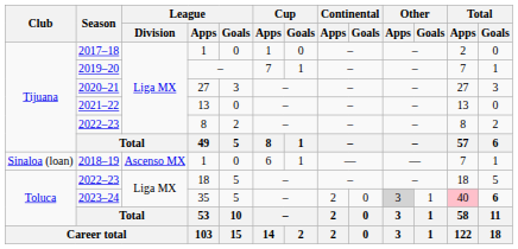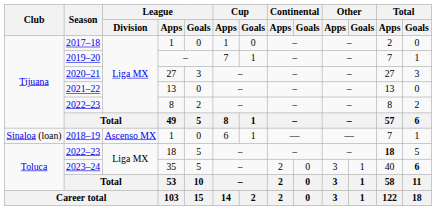 <table class="wikitable" style="text-align: center">
 <tr>
 <th rowspan="2">Club</th>
 <th rowspan="2">Season</th>
 <th colspan="3">League</th>
 <th colspan="2">Cup</th>
 <th colspan="2">Continental</th>
 <th colspan="2">Other</th>
 <th colspan="2">Total</th>
 </tr>
 <tr>
 <th>Division</th>
 <th>Apps</th>
 <th>Goals</th>
 <th>Apps</th>
 <th>Goals</th>
 <th>Apps</th>
 <th>Goals</th>
 <th>Apps</th>
 <th>Goals</th>
 <th>Apps</th>
 <th>Goals</th>
 </tr>
 <tr>
 <td rowspan="6"><a href='#'>Tijuana</a></td>
 <td><a href='#'>2017–18</a></td>
 <td rowspan="5"><a href='#'>Liga MX</a></td>
 <td>1</td>
 <td>0</td>
 <td>1</td>
 <td>0</td>
 <td colspan="2">–</td>
 <td colspan=2>–</td>
 <td>2</td>
 <td>0</td>
 </tr>
 <tr>
 <td><a href='#'>2019–20</a></td>
 <td colspan=2>–</td>
 <td>7</td>
 <td>1</td>
 <td colspan=2>–</td>
 <td colspan=2>–</td>
 <td>7</td>
 <td>1</td>
 </tr>
 <tr>
 <td><a href='#'>2020–21</a></td>
 <td>27</td>
 <td>3</td>
 <td colspan=2>–</td>
 <td colspan=2>–</td>
 <td colspan=2>–</td>
 <td>27</td>
 <td>3</td>
 </tr>
 <tr>
 <td><a href='#'>2021–22</a></td>
 <td>13</td>
 <td>0</td>
 <td colspan=2>–</td>
 <td colspan=2>–</td>
 <td colspan=2>–</td>
 <td>13</td>
 <td>0</td>
 </tr>
 <tr>
 <td><a href='#'>2022–23</a></td>
 <td>8</td>
 <td>2</td>
 <td colspan=2>–</td>
 <td colspan=2>–</td>
 <td colspan=2>–</td>
 <td>8</td>
 <td>2</td>
 </tr>
 <tr>
 <th colspan="2">Total</th>
 <th>49</th>
 <th>5</th>
 <th>8</th>
 <th>1</th>
 <th colspan="2">–</th>
 <th colspan="2">–</th>
 <th>57</th>
 <th>6</th>
 </tr>
 <tr>
 <td><a href='#'>Sinaloa</a> (loan)</td>
 <td><a href='#'>2018–19</a></td>
 <td><a href='#'>Ascenso MX</a></td>
 <td>1</td>
 <td>0</td>
 <td>6</td>
 <td>1</td>
 <td colspan=2>—</td>
 <td colspan=2>—</td>
 <td>7</td>
 <td>1</td>
 </tr>
 <tr>
 <td rowspan="3"><a href='#'>Toluca</a></td>
 <td><a href='#'>2022–23</a></td>
 <td rowspan="2">Liga MX</td>
 <td>18</td>
 <td>5</td>
 <td colspan="2">–</td>
 <td colspan="2">–</td>
 <td colspan=2>–</td>
-<td>18</td>
+<td><strong>18</strong></td>
 <td>5</td>
 </tr>
 <tr>
 <td><a href='#'>2023–24</a></td>
 <td>35</td>
 <td>5</td>
 <td colspan=2>–</td>
 <td>2</td>
 <td>0</td>
-<td style="background: lightgrey;">3</td>
+<td>3</td>
 <td>1</td>
-<td style="background: pink;">40</td>
+<td>40</td>
 <td><strong>6</strong></td>
 </tr>
 <tr>
 <th colspan="2">Total</th>
 <th>53</th>
 <th>10</th>
 <th colspan="2">–</th>
 <th>2</th>
 <th>0</th>
 <th>3</th>
 <th>1</th>
 <th>58</th>
 <th>11</th>
 </tr>
 <tr>
 <th colspan="3">Career total</th>
 <th>103</th>
 <th>15</th>
 <th>14</th>
 <th>2</th>
 <th>2</th>
 <th>0</th>
 <th>3</th>
 <th>1</th>
 <th>122</th>
 <th>18</th>
 </tr>
 </table>
